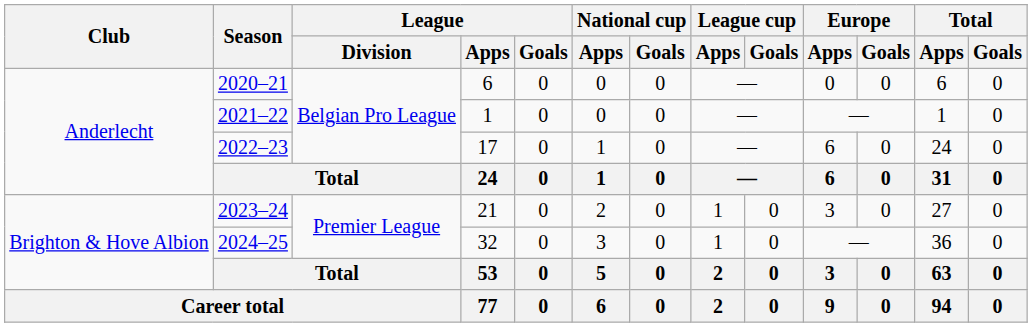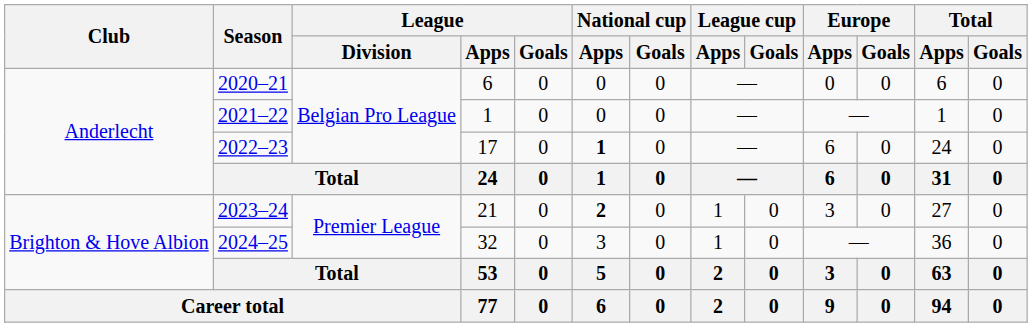 <table class=wikitable style=text-align:center>
 <tr>
 <th rowspan=2>Club</th>
 <th rowspan=2>Season</th>
 <th colspan=3>League</th>
 <th colspan=2>National cup</th>
 <th colspan=2>League cup</th>
 <th colspan=2>Europe</th>
 <th colspan=2>Total</th>
 </tr>
 <tr>
 <th>Division</th>
 <th>Apps</th>
 <th>Goals</th>
 <th>Apps</th>
 <th>Goals</th>
 <th>Apps</th>
 <th>Goals</th>
 <th>Apps</th>
 <th>Goals</th>
 <th>Apps</th>
 <th>Goals</th>
 </tr>
 <tr>
 <td rowspan=4><a href='#'>Anderlecht</a></td>
 <td><a href='#'>2020–21</a></td>
 <td rowspan=3><a href='#'>Belgian Pro League</a></td>
 <td>6</td>
 <td>0</td>
 <td>0</td>
 <td>0</td>
 <td colspan=2>—</td>
 <td>0</td>
 <td>0</td>
 <td>6</td>
 <td>0</td>
 </tr>
 <tr>
 <td><a href='#'>2021–22</a></td>
 <td>1</td>
 <td>0</td>
 <td>0</td>
 <td>0</td>
 <td colspan=2>—</td>
 <td colspan=2>—</td>
 <td>1</td>
 <td>0</td>
 </tr>
 <tr>
 <td><a href='#'>2022–23</a></td>
 <td>17</td>
 <td>0</td>
-<td>1</td>
+<td><strong>1</strong></td>
 <td>0</td>
 <td colspan=2>—</td>
 <td>6</td>
 <td>0</td>
 <td>24</td>
 <td>0</td>
 </tr>
 <tr>
 <th colspan=2>Total</th>
 <th>24</th>
 <th>0</th>
 <th>1</th>
 <th>0</th>
 <th colspan=2>—</th>
 <th>6</th>
 <th>0</th>
 <th>31</th>
 <th>0</th>
 </tr>
 <tr>
 <td rowspan=3><a href='#'>Brighton & Hove Albion</a></td>
 <td><a href='#'>2023–24</a></td>
 <td rowspan=2><a href='#'>Premier League</a></td>
 <td>21</td>
 <td>0</td>
-<td>2</td>
+<td><strong>2</strong></td>
 <td>0</td>
 <td>1</td>
 <td>0</td>
 <td>3</td>
 <td>0</td>
 <td>27</td>
 <td>0</td>
 </tr>
 <tr>
 <td><a href='#'>2024–25</a></td>
 <td>32</td>
 <td>0</td>
 <td>3</td>
 <td>0</td>
 <td>1</td>
 <td>0</td>
 <td colspan=2>—</td>
 <td>36</td>
 <td>0</td>
 </tr>
 <tr>
 <th colspan=2>Total</th>
 <th>53</th>
 <th>0</th>
 <th>5</th>
 <th>0</th>
 <th>2</th>
 <th>0</th>
 <th>3</th>
 <th>0</th>
 <th>63</th>
 <th>0</th>
 </tr>
 <tr>
 <th colspan=3>Career total</th>
 <th>77</th>
 <th>0</th>
 <th>6</th>
 <th>0</th>
 <th>2</th>
 <th>0</th>
 <th>9</th>
 <th>0</th>
 <th>94</th>
 <th>0</th>
 </tr>
 </table>
